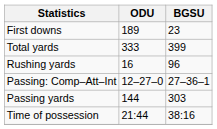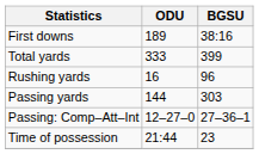 <table class="wikitable" style="float: left;">
 <tr>
 <th>Statistics</th>
 <th>ODU</th>
 <th>BGSU</th>
 </tr>
 <tr>
 <td>First downs</td>
 <td>189</td>
-<td>23</td>
+<td>38:16</td>
 </tr>
 <tr>
 <td>Total yards</td>
 <td>333</td>
 <td>399</td>
 </tr>
 <tr>
 <td>Rushing yards</td>
 <td>16</td>
 <td>96</td>
 </tr>
 <tr>
+<td>Passing yards</td>
+<td>144</td>
+<td>303</td>
+</tr>
+<tr>
 <td>Passing: Comp–Att–Int</td>
 <td>12–27–0</td>
 <td>27–36–1</td>
 </tr>
 <tr>
-<td>Passing yards</td>
-<td>144</td>
-<td>303</td>
-</tr>
-<tr>
 <td>Time of possession</td>
 <td>21:44</td>
-<td>38:16</td>
+<td>23</td>
 </tr>
 <tr>
 </tr>
 </table>
